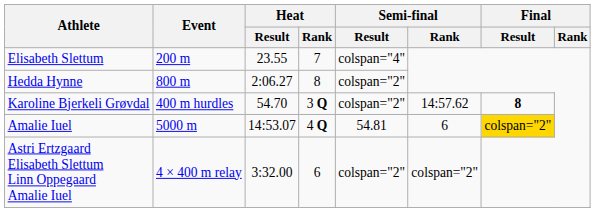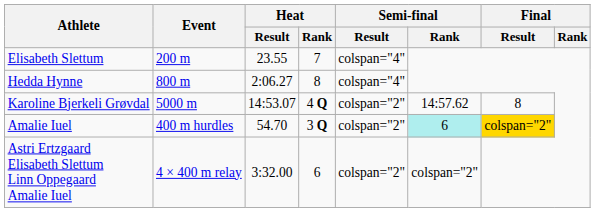 <table class="wikitable" style="font-size:90%">
 <tr>
 <th rowspan="2">Athlete</th>
 <th rowspan="2">Event</th>
 <th colspan="2">Heat</th>
 <th colspan="2">Semi-final</th>
 <th colspan="2">Final</th>
 </tr>
 <tr style="font-size:95%">
 <th>Result</th>
 <th>Rank</th>
 <th>Result</th>
 <th>Rank</th>
 <th>Result</th>
 <th>Rank</th>
 </tr>
 <tr align=center>
 <td align="left"><a href='#'>Elisabeth Slettum</a></td>
 <td align="left"><a href='#'>200 m</a></td>
 <td>23.55</td>
 <td>7</td>
 <td>colspan="4" </td>
 </tr>
 <tr align=center>
 <td align="left"><a href='#'>Hedda Hynne</a></td>
 <td align="left"><a href='#'>800 m</a></td>
 <td>2:06.27</td>
 <td>8</td>
-<td>colspan="2" </td>
+<td>colspan="4" </td>
 </tr>
 <tr align=center>
 <td align="left"><a href='#'>Karoline Bjerkeli Grøvdal</a></td>
+<td align="left"><a href='#'>5000 m</a></td>
+<td>14:53.07</td>
+<td>4 <strong>Q</strong></td>
+<td>colspan="2" </td>
+<td>14:57.62</td>
+<td>8</td>
+</tr>
+<tr align=center>
+<td align="left"><a href='#'>Amalie Iuel</a></td>
 <td align="left"><a href='#'>400 m hurdles</a></td>
 <td>54.70 </td>
 <td>3 <strong>Q</strong></td>
 <td>colspan="2" </td>
-<td>14:57.62</td>
-<td><strong>8</strong></td>
-</tr>
-<tr align=center>
-<td align="left"><a href='#'>Amalie Iuel</a></td>
-<td align="left"><a href='#'>5000 m</a></td>
-<td>14:53.07</td>
-<td>4 <strong>Q</strong></td>
-<td>54.81</td>
-<td>6</td>
+<td style="background: paleturquoise;">6</td>
 <td style="background: gold;">colspan="2" </td>
 </tr>
 <tr align=center>
 <td align="left"><a href='#'>Astri Ertzgaard</a><br><a href='#'>Elisabeth Slettum</a><br><a href='#'>Linn Oppegaard</a><br><a href='#'>Amalie Iuel</a></td>
 <td align="left"><a href='#'>4 × 400 m relay</a></td>
 <td>3:32.00</td>
 <td>6</td>
 <td>colspan="2" </td>
 <td>colspan="2" </td>
 </tr>
 </table>
